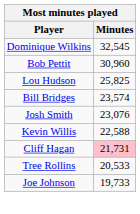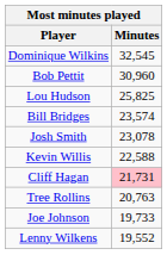 <table class="wikitable sortable" style="text-align:center">
 <tr>
 <th colspan="2">Most minutes played</th>
 </tr>
 <tr>
 <th>Player</th>
 <th>Minutes</th>
 </tr>
 <tr>
 <td><a href='#'>Dominique Wilkins</a></td>
 <td>32,545</td>
 </tr>
 <tr>
 <td><a href='#'>Bob Pettit</a></td>
 <td>30,960</td>
 </tr>
 <tr>
 <td><a href='#'>Lou Hudson</a></td>
 <td>25,825</td>
 </tr>
 <tr>
 <td><a href='#'>Bill Bridges</a></td>
 <td>23,574</td>
 </tr>
 <tr>
 <td><a href='#'>Josh Smith</a></td>
-<td>23,076</td>
+<td>23,078</td>
 </tr>
 <tr>
 <td><a href='#'>Kevin Willis</a></td>
 <td>22,588</td>
 </tr>
 <tr>
 <td><a href='#'>Cliff Hagan</a></td>
 <td style="background: pink;">21,731</td>
 </tr>
 <tr>
 <td><a href='#'>Tree Rollins</a></td>
-<td>20,533</td>
+<td>20,763</td>
 </tr>
 <tr>
 <td><a href='#'>Joe Johnson</a></td>
 <td>19,733</td>
 </tr>
+<tr>
+<td><a href='#'>Lenny Wilkens</a></td>
+<td>19,552</td>
+</tr>
 </table>
